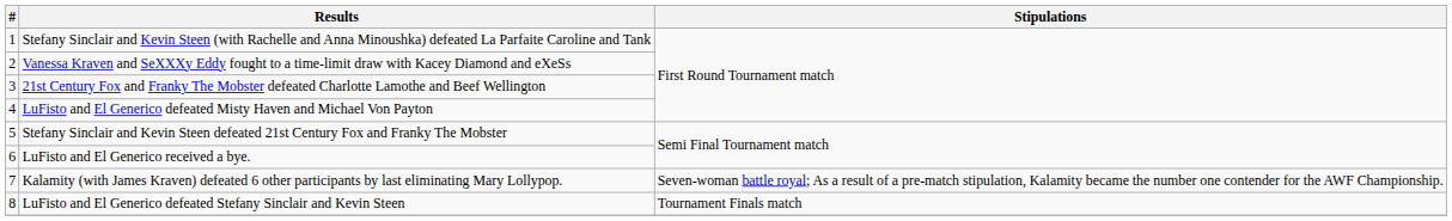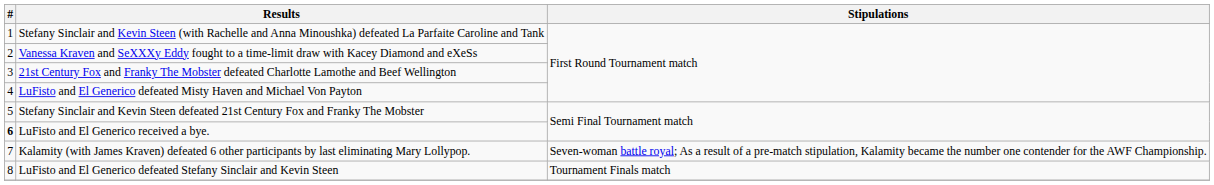 <table style="font-size: 85%" class="wikitable">
 <tr>
 <th><strong>#</strong></th>
 <th><strong>Results</strong></th>
 <th><strong>Stipulations</strong></th>
 </tr>
 <tr>
 <td>1</td>
 <td>Stefany Sinclair and <a href='#'>Kevin Steen</a> (with Rachelle and Anna Minoushka) defeated La Parfaite Caroline and Tank</td>
 <td rowspan="4">First Round Tournament match</td>
 </tr>
 <tr>
 <td>2</td>
 <td><a href='#'>Vanessa Kraven</a> and <a href='#'>SeXXXy Eddy</a> fought to a time-limit draw with Kacey Diamond and eXeSs</td>
 </tr>
 <tr>
 <td>3</td>
 <td><a href='#'>21st Century Fox</a> and <a href='#'>Franky The Mobster</a> defeated Charlotte Lamothe and Beef Wellington</td>
 </tr>
 <tr>
 <td>4</td>
 <td><a href='#'>LuFisto</a> and <a href='#'>El Generico</a> defeated Misty Haven and Michael Von Payton</td>
 </tr>
 <tr>
 <td>5</td>
 <td>Stefany Sinclair and Kevin Steen defeated 21st Century Fox and Franky The Mobster</td>
 <td rowspan="2">Semi Final Tournament match</td>
 </tr>
 <tr>
-<td>6</td>
+<td><strong>6</strong></td>
 <td>LuFisto and El Generico received a bye.</td>
 </tr>
 <tr>
 <td>7</td>
 <td>Kalamity (with James Kraven) defeated 6 other participants by last eliminating Mary Lollypop.</td>
 <td>Seven-woman <a href='#'>battle royal</a>; As a result of a pre-match stipulation, Kalamity became the number one contender for the AWF Championship.</td>
 </tr>
 <tr>
 <td>8</td>
 <td>LuFisto and El Generico defeated Stefany Sinclair and Kevin Steen</td>
 <td>Tournament Finals match</td>
 </tr>
 <tr>
 </tr>
 </table>
